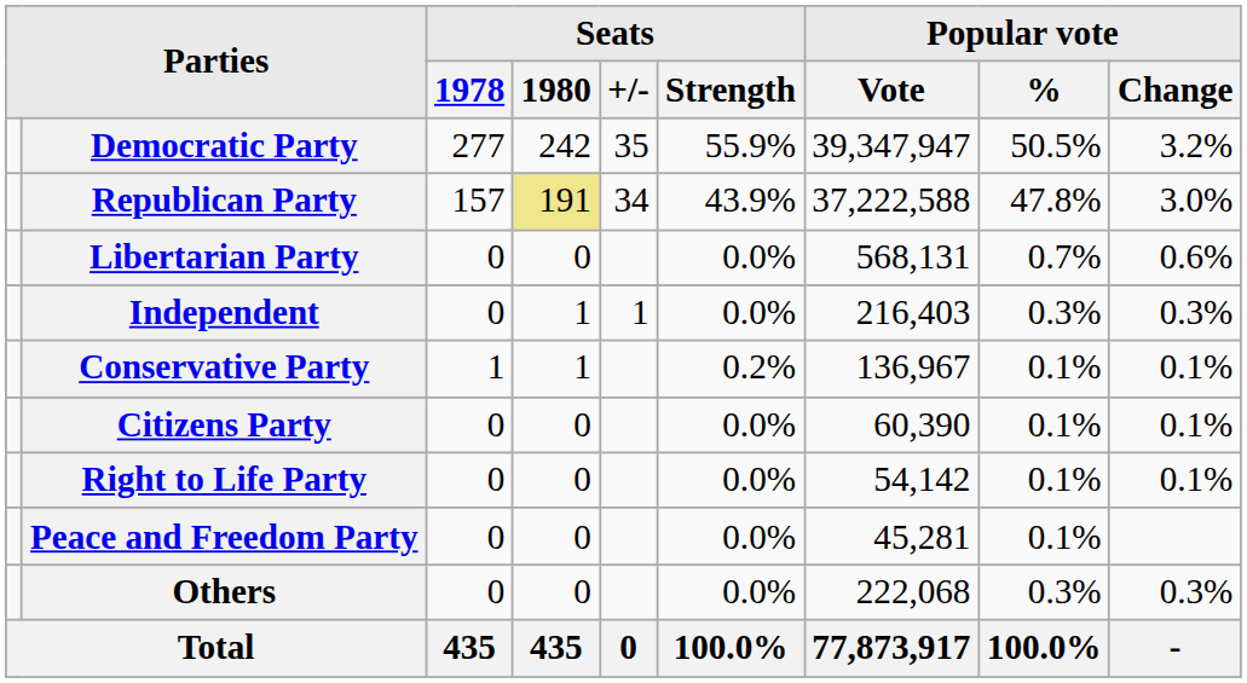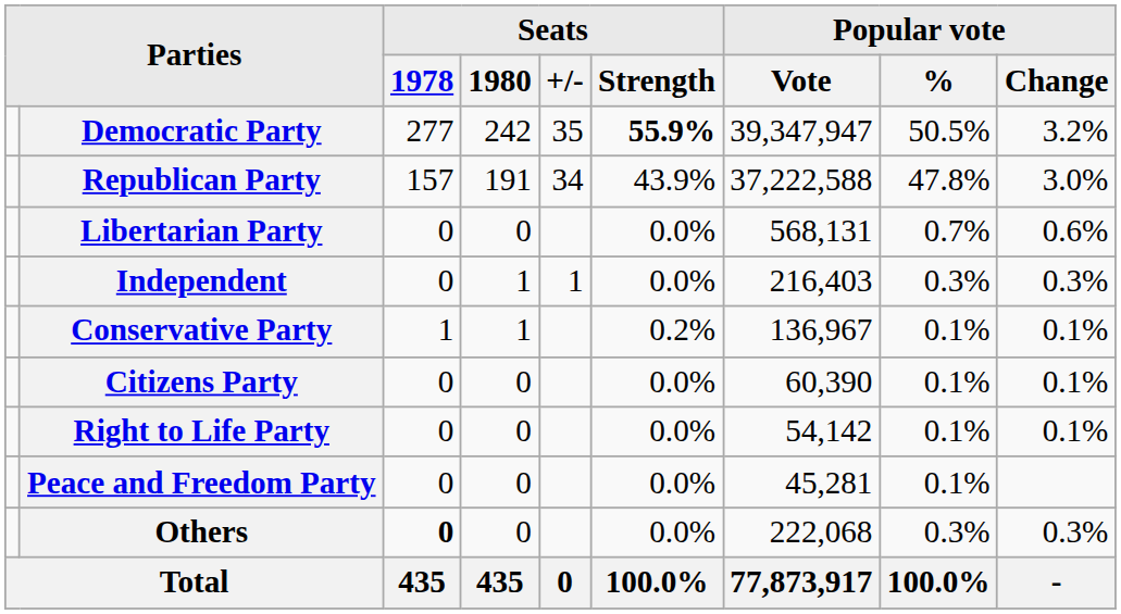 <table class=wikitable>
 <tr>
 <th style="background-color:#E9E9E9" align=center rowspan= 2 colspan=2>Parties</th>
 <th style="background-color:#E9E9E9" align=center colspan=4>Seats</th>
 <th style="background-color:#E9E9E9" align=center colspan=3>Popular vote</th>
 </tr>
 <tr>
 <th><a href='#'>1978</a></th>
 <th>1980</th>
 <th>+/-</th>
 <th>Strength</th>
 <th>Vote</th>
 <th>%</th>
 <th>Change</th>
 </tr>
 <tr>
 <td></td>
 <th><a href='#'>Democratic Party</a></th>
 <td align=right >277</td>
 <td align=right >242</td>
 <td align=right>35</td>
-<td align=right >55.9%</td>
+<td align=right ><strong>55.9%</strong></td>
 <td align=right >39,347,947</td>
 <td align=right >50.5%</td>
 <td align=right>3.2%</td>
 </tr>
 <tr>
 <td></td>
 <th><a href='#'>Republican Party</a></th>
 <td align=right>157</td>
-<td align=right style="background: khaki;">191</td>
+<td align=right>191</td>
 <td align=right >34</td>
 <td align=right>43.9%</td>
 <td align=right>37,222,588</td>
 <td align=right>47.8%</td>
 <td align=right >3.0%</td>
 </tr>
 <tr>
 <td></td>
 <th><a href='#'>Libertarian Party</a></th>
 <td align=right>0</td>
 <td align=right>0</td>
 <td align=right></td>
 <td align=right>0.0%</td>
 <td align=right>568,131</td>
 <td align=right>0.7%</td>
 <td align=right>0.6%</td>
 </tr>
 <tr>
 <td></td>
 <th><a href='#'>Independent</a></th>
 <td align=right>0</td>
 <td align=right>1</td>
 <td align=right>1</td>
 <td align=right>0.0%</td>
 <td align=right>216,403</td>
 <td align=right>0.3%</td>
 <td align=right>0.3%</td>
 </tr>
 <tr>
 <td></td>
 <th><a href='#'>Conservative Party</a></th>
 <td align=right>1</td>
 <td align=right>1</td>
 <td align=right></td>
 <td align=right>0.2%</td>
 <td align=right>136,967</td>
 <td align=right>0.1%</td>
 <td align=right>0.1%</td>
 </tr>
 <tr>
 <td></td>
 <th><a href='#'>Citizens Party</a></th>
 <td align=right>0</td>
 <td align=right>0</td>
 <td align=right></td>
 <td align=right>0.0%</td>
 <td align=right>60,390</td>
 <td align=right>0.1%</td>
 <td align=right>0.1%</td>
 </tr>
 <tr>
 <td></td>
 <th><a href='#'>Right to Life Party</a></th>
 <td align=right>0</td>
 <td align=right>0</td>
 <td align=right></td>
 <td align=right>0.0%</td>
 <td align=right>54,142</td>
 <td align=right>0.1%</td>
 <td align=right>0.1%</td>
 </tr>
 <tr>
 <td></td>
 <th><a href='#'>Peace and Freedom Party</a></th>
 <td align=right>0</td>
 <td align=right>0</td>
 <td align=right></td>
 <td align=right>0.0%</td>
 <td align=right>45,281</td>
 <td align=right>0.1%</td>
 <td align=right></td>
 </tr>
 <tr>
 <td></td>
 <th>Others</th>
-<td align=right>0</td>
+<td align=right><strong>0</strong></td>
 <td align=right>0</td>
 <td align=right></td>
 <td align=right>0.0%</td>
 <td align=right>222,068</td>
 <td align=right>0.3%</td>
 <td align=right>0.3%</td>
 </tr>
 <tr>
 <th colspan=2>Total</th>
 <th>435</th>
 <th>435</th>
 <th>0</th>
 <th>100.0%</th>
 <th>77,873,917</th>
 <th>100.0%</th>
 <th>-</th>
 </tr>
 </table>
